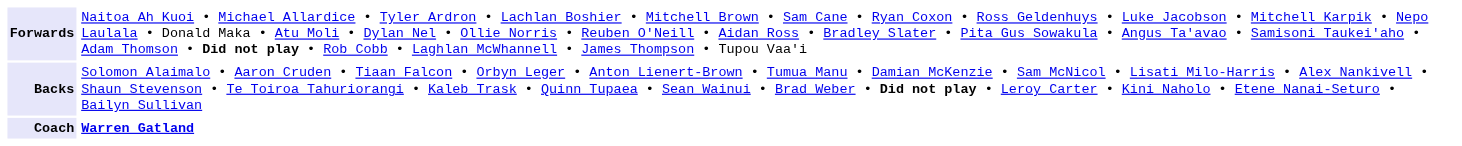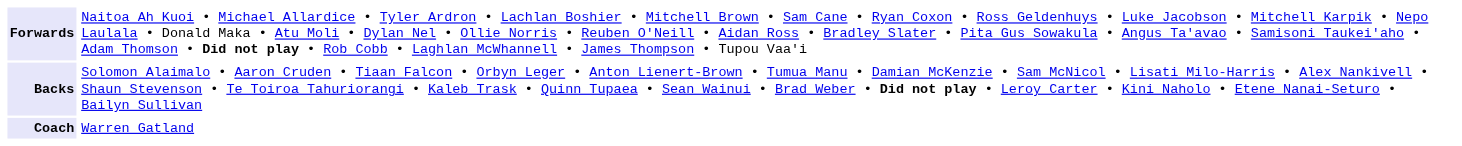 <table cellpadding="2" style="border: 1px solid white; font-size:90%;">
 <tr>
 <td style="text-align:right;" bgcolor="lavender"><strong>Forwards</strong></td>
 <td style="text-align:left;"><a href='#'>Naitoa Ah Kuoi</a> • <a href='#'>Michael Allardice</a> • <a href='#'>Tyler Ardron</a> • <a href='#'>Lachlan Boshier</a> • <a href='#'>Mitchell Brown</a> • <a href='#'>Sam Cane</a> • <a href='#'>Ryan Coxon</a> • <a href='#'>Ross Geldenhuys</a> • <a href='#'>Luke Jacobson</a> • <a href='#'>Mitchell Karpik</a> • <a href='#'>Nepo Laulala</a> • Donald Maka • <a href='#'>Atu Moli</a> • <a href='#'>Dylan Nel</a> • <a href='#'>Ollie Norris</a> • <a href='#'>Reuben O'Neill</a> • <a href='#'>Aidan Ross</a> • <a href='#'>Bradley Slater</a> • <a href='#'>Pita Gus Sowakula</a> • <a href='#'>Angus Ta'avao</a> • <a href='#'>Samisoni Taukei'aho</a> • <a href='#'>Adam Thomson</a> • <strong>Did not play</strong> • <a href='#'>Rob Cobb</a> • <a href='#'>Laghlan McWhannell</a> • <a href='#'>James Thompson</a> • Tupou Vaa'i</td>
 </tr>
 <tr>
 <td style="text-align:right;" bgcolor="lavender"><strong>Backs</strong></td>
 <td style="text-align:left;"><a href='#'>Solomon Alaimalo</a> • <a href='#'>Aaron Cruden</a> • <a href='#'>Tiaan Falcon</a> • <a href='#'>Orbyn Leger</a> • <a href='#'>Anton Lienert-Brown</a> • <a href='#'>Tumua Manu</a> • <a href='#'>Damian McKenzie</a> • <a href='#'>Sam McNicol</a> • <a href='#'>Lisati Milo-Harris</a> • <a href='#'>Alex Nankivell</a> • <a href='#'>Shaun Stevenson</a> • <a href='#'>Te Toiroa Tahuriorangi</a> • <a href='#'>Kaleb Trask</a> • <a href='#'>Quinn Tupaea</a> • <a href='#'>Sean Wainui</a> • <a href='#'>Brad Weber</a> • <strong>Did not play</strong> • <a href='#'>Leroy Carter</a> • <a href='#'>Kini Naholo</a> • <a href='#'>Etene Nanai-Seturo</a> • <a href='#'>Bailyn Sullivan</a></td>
 </tr>
 <tr>
 <td style="text-align:right;" bgcolor="lavender"><strong>Coach</strong></td>
-<td style="text-align:left;"><strong><a href='#'>Warren Gatland</a></strong></td>
+<td style="text-align:left;"><a href='#'>Warren Gatland</a></td>
 </tr>
 </table>
